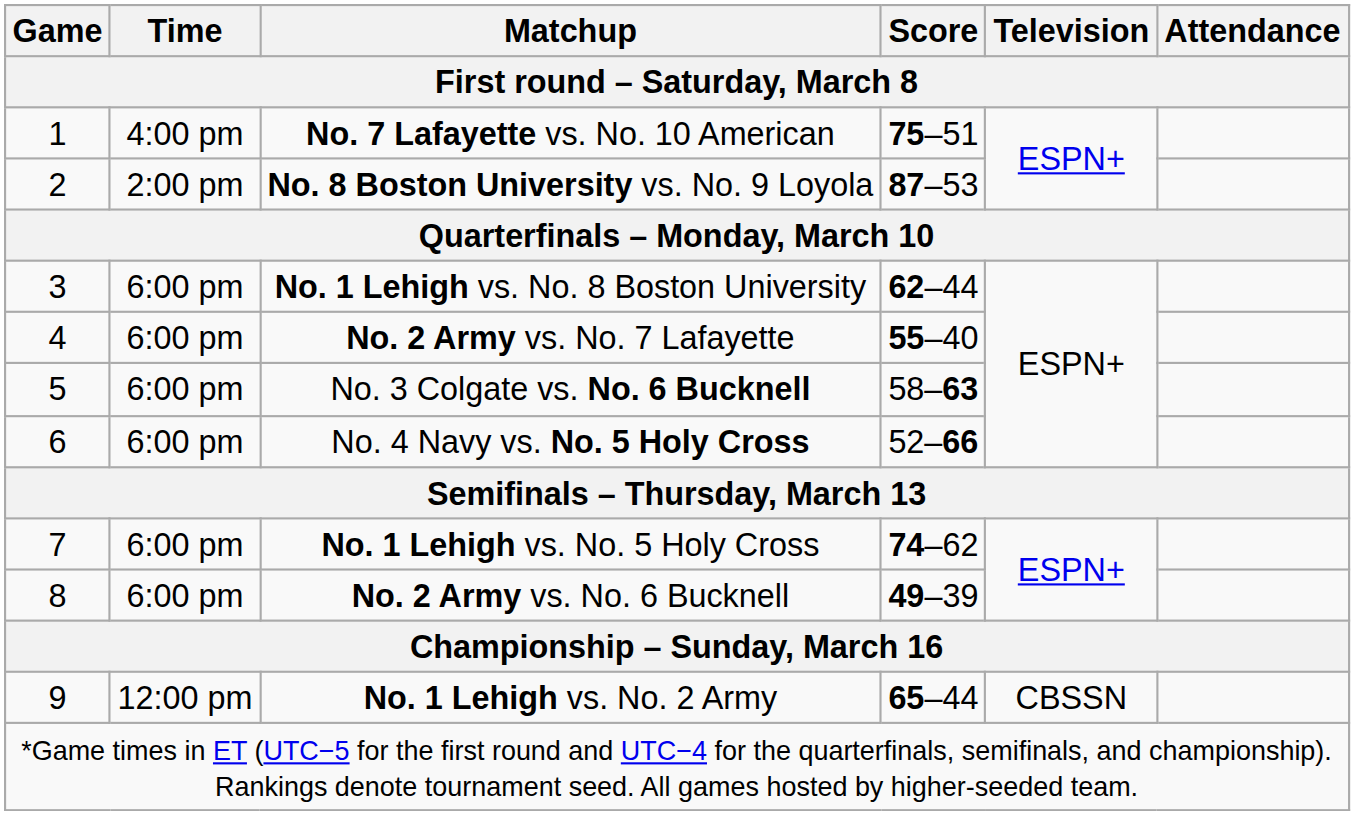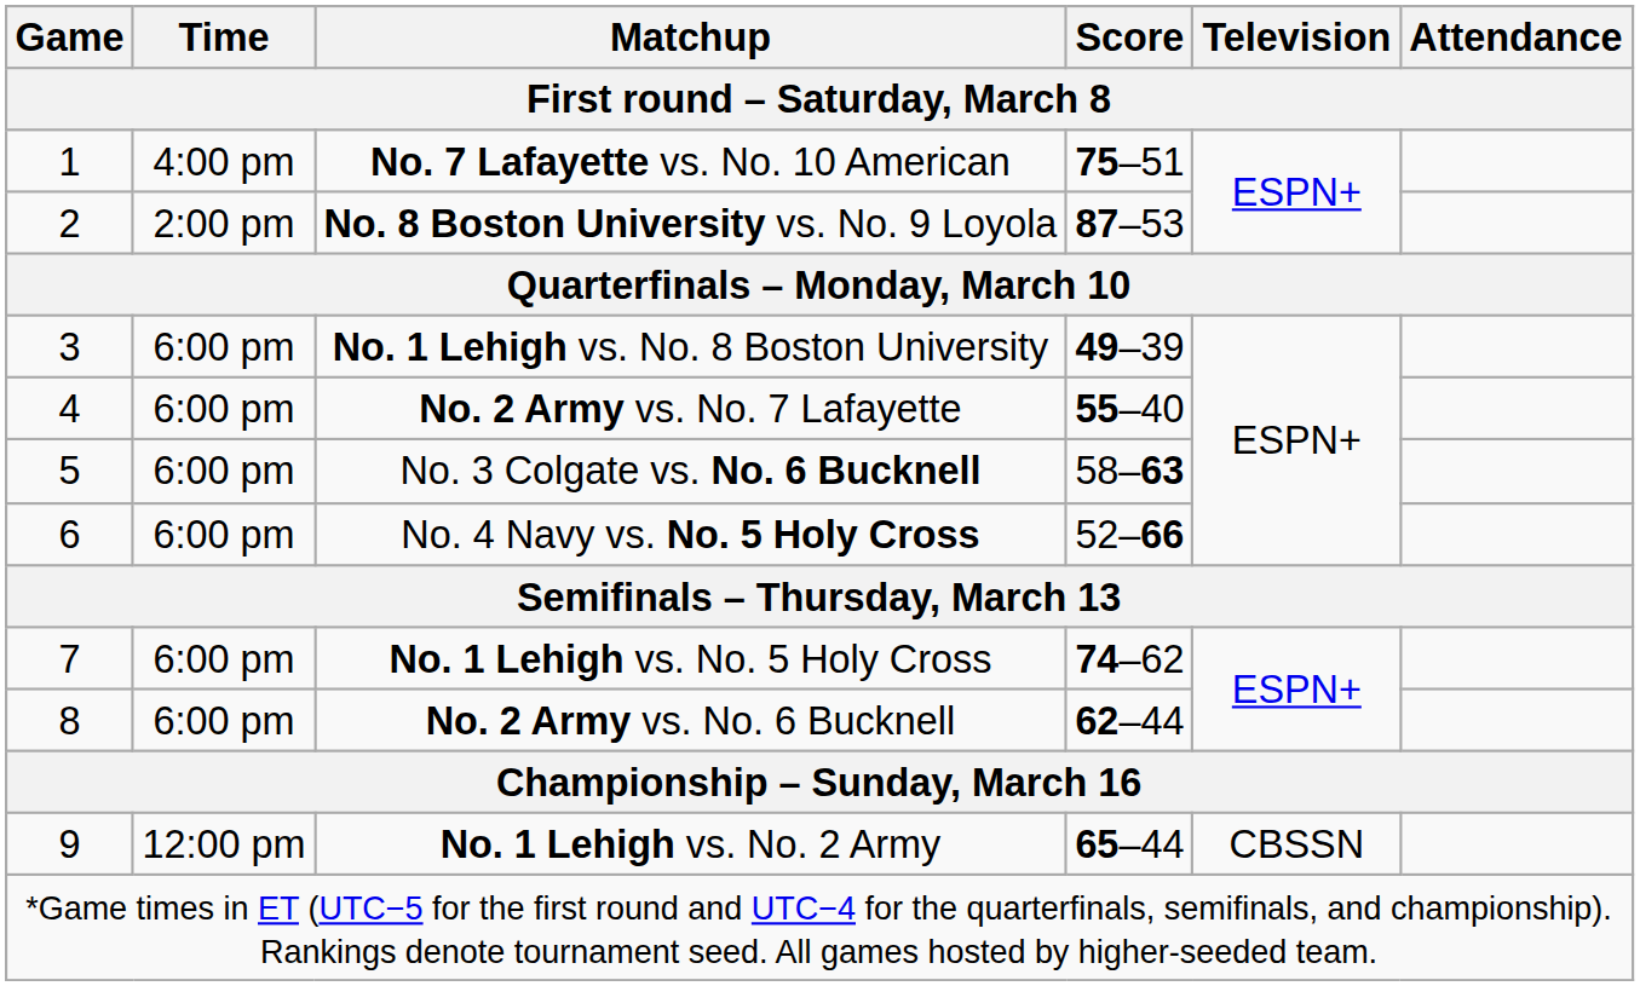 <table class="wikitable" style="font-size: 95%;text-align:center">
 <tr>
 <th>Game</th>
 <th>Time</th>
 <th>Matchup</th>
 <th>Score</th>
 <th>Television</th>
 <th>Attendance</th>
 </tr>
 <tr>
 <th colspan="6">First round – Saturday, March 8</th>
 </tr>
 <tr>
 <td>1</td>
 <td>4:00 pm</td>
 <td align="center"><strong>No. 7 Lafayette</strong> vs. No. 10 American</td>
 <td><strong>75</strong>–51</td>
 <td rowspan="2"><a href='#'>ESPN+</a></td>
 <td></td>
 </tr>
 <tr>
 <td>2</td>
 <td>2:00 pm</td>
 <td align="center"><strong>No. 8 Boston University</strong> vs. No. 9 Loyola</td>
 <td><strong>87</strong>–53</td>
 <td></td>
 </tr>
 <tr>
 <th colspan="6">Quarterfinals – Monday, March 10</th>
 </tr>
 <tr>
 <td>3</td>
 <td>6:00 pm</td>
 <td align="center"><strong>No. 1 Lehigh</strong> vs. No. 8 Boston University</td>
-<td><strong>62</strong>–44</td>
+<td><strong>49</strong>–39</td>
 <td rowspan="4">ESPN+</td>
 <td></td>
 </tr>
 <tr>
 <td>4</td>
 <td>6:00 pm</td>
 <td align="center"><strong>No. 2 Army</strong> vs. No. 7 Lafayette</td>
 <td><strong>55</strong>–40</td>
 <td></td>
 </tr>
 <tr>
 <td>5</td>
 <td>6:00 pm</td>
 <td align="center">No. 3 Colgate vs. <strong>No. 6 Bucknell</strong></td>
 <td>58–<strong>63</strong></td>
 <td></td>
 </tr>
 <tr>
 <td>6</td>
 <td>6:00 pm</td>
 <td align="center">No. 4 Navy vs. <strong>No. 5 Holy Cross</strong></td>
 <td>52–<strong>66</strong></td>
 <td></td>
 </tr>
 <tr>
 <th colspan="6">Semifinals – Thursday, March 13</th>
 </tr>
 <tr>
 <td>7</td>
 <td>6:00 pm</td>
 <td align="center"><strong>No. 1 Lehigh</strong> vs. No. 5 Holy Cross</td>
 <td><strong>74</strong>–62</td>
 <td rowspan="2"><a href='#'>ESPN+</a></td>
 <td></td>
 </tr>
 <tr>
 <td>8</td>
 <td>6:00 pm</td>
 <td align="center"><strong>No. 2 Army</strong> vs. No. 6 Bucknell</td>
-<td><strong>49</strong>–39</td>
+<td><strong>62</strong>–44</td>
 <td></td>
 </tr>
 <tr>
 <th colspan="6">Championship – Sunday, March 16</th>
 </tr>
 <tr>
 <td>9</td>
 <td>12:00 pm</td>
 <td align="center"><strong>No. 1 Lehigh</strong> vs. No. 2 Army</td>
 <td><strong>65</strong>–44</td>
 <td>CBSSN</td>
 <td></td>
 </tr>
 <tr>
 <td colspan="6"><small>*Game times in <a href='#'>ET</a> (<a href='#'>UTC−5</a> for the first round and <a href='#'>UTC−4</a> for the quarterfinals, semifinals, and championship).<br>Rankings denote tournament seed. All games hosted by higher-seeded team.</small></td>
 </tr>
 </table>
